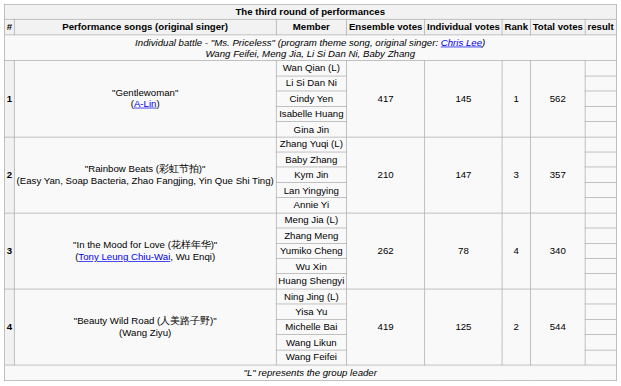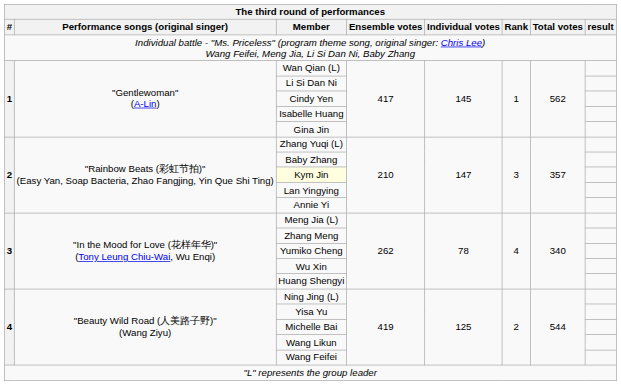 <table class="wikitable sortable" style="text-align:center; font-size: 85%;">
 <tr>
 <th colspan="8">The third round of performances</th>
 </tr>
 <tr>
 <th>#</th>
 <th>Performance songs (original singer)</th>
 <th>Member</th>
 <th>Ensemble votes</th>
 <th>Individual votes</th>
 <th>Rank</th>
 <th>Total votes</th>
 <th>result</th>
 </tr>
 <tr>
 <td colspan="8"><em>Individual battle -  "Ms. Priceless" (program theme song, original singer: <a href='#'>Chris Lee</a>)</em><br><em>Wang Feifei, Meng Jia, Li Si Dan Ni, Baby Zhang</em></td>
 </tr>
 <tr>
 <th rowspan="5">1</th>
 <td rowspan="5">"Gentlewoman"<br>(<a href='#'>A-Lin</a>)</td>
 <td>Wan Qian (L)</td>
 <td rowspan="5">417</td>
 <td rowspan="5">145</td>
 <td rowspan="5">1</td>
 <td rowspan="5">562</td>
 <td></td>
 </tr>
 <tr>
 <td>Li Si Dan Ni</td>
 <td></td>
 </tr>
 <tr>
 <td>Cindy Yen</td>
 <td></td>
 </tr>
 <tr>
 <td>Isabelle Huang</td>
 <td></td>
 </tr>
 <tr>
 <td>Gina Jin</td>
 <td></td>
 </tr>
 <tr>
 <th rowspan="5">2</th>
 <td rowspan="5">"Rainbow Beats (彩虹节拍)"<br>(Easy Yan, Soap Bacteria, Zhao Fangjing, Yin Que Shi Ting)</td>
 <td>Zhang Yuqi (L)</td>
 <td rowspan="5">210</td>
 <td rowspan="5">147</td>
 <td rowspan="5">3</td>
 <td rowspan="5">357</td>
 <td></td>
 </tr>
 <tr>
 <td>Baby Zhang</td>
 <td></td>
 </tr>
 <tr>
-<td>Kym Jin</td>
+<td style="background: lightyellow;">Kym Jin</td>
 <td></td>
 </tr>
 <tr>
 <td>Lan Yingying</td>
 <td></td>
 </tr>
 <tr>
 <td>Annie Yi</td>
 <td></td>
 </tr>
 <tr>
 <th rowspan="5">3</th>
 <td rowspan="5">"In the Mood for Love (花样年华)"<br>(<a href='#'>Tony Leung Chiu-Wai</a>, Wu Enqi)</td>
 <td>Meng Jia (L)</td>
 <td rowspan="5">262</td>
 <td rowspan="5">78</td>
 <td rowspan="5">4</td>
 <td rowspan="5">340</td>
 <td></td>
 </tr>
 <tr>
 <td>Zhang Meng</td>
 <td></td>
 </tr>
 <tr>
 <td>Yumiko Cheng</td>
 <td></td>
 </tr>
 <tr>
 <td>Wu Xin</td>
 <td></td>
 </tr>
 <tr>
 <td>Huang Shengyi</td>
 <td></td>
 </tr>
 <tr>
 <th rowspan="5">4</th>
 <td rowspan="5">"Beauty Wild Road (人美路子野)"<br>(Wang Ziyu)</td>
 <td>Ning Jing (L)</td>
 <td rowspan="5">419</td>
 <td rowspan="5">125</td>
 <td rowspan="5">2</td>
 <td rowspan="5">544</td>
 <td></td>
 </tr>
 <tr>
 <td>Yisa Yu</td>
 <td></td>
 </tr>
 <tr>
 <td>Michelle Bai</td>
 <td></td>
 </tr>
 <tr>
 <td>Wang Likun</td>
 <td></td>
 </tr>
 <tr>
 <td>Wang Feifei</td>
 <td></td>
 </tr>
 <tr>
 <td colspan="8"><em>"L" represents the group leader</em></td>
 </tr>
 </table>
